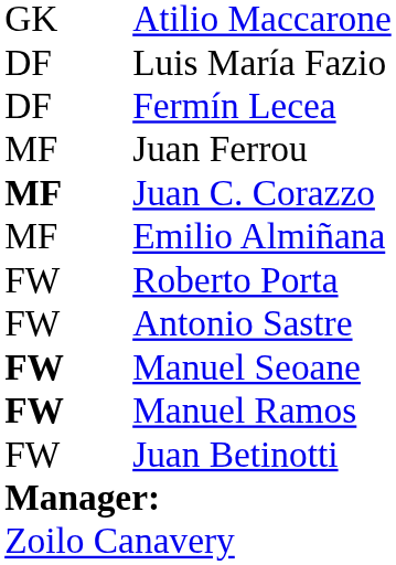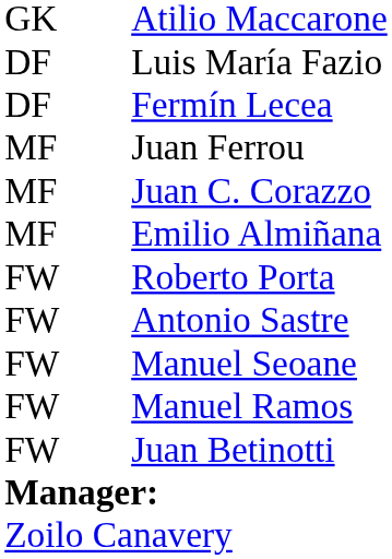 <table cellspacing="0" cellpadding="0" style="font-size:90%; margin:0.2em auto;">
 <tr>
 <th width="25"></th>
 <th width="25"></th>
 </tr>
 <tr>
 <td>GK</td>
 <td></td>
 <td> <a href='#'>Atilio Maccarone</a></td>
 </tr>
 <tr>
 <td>DF</td>
 <td></td>
 <td> Luis María Fazio</td>
 </tr>
 <tr>
 <td>DF</td>
 <td></td>
 <td> <a href='#'>Fermín Lecea</a></td>
 </tr>
 <tr>
 <td>MF</td>
 <td></td>
 <td> Juan Ferrou</td>
 </tr>
 <tr>
-<td><strong>MF</strong></td>
+<td>MF</td>
 <td></td>
 <td> <a href='#'>Juan C. Corazzo</a></td>
 </tr>
 <tr>
 <td>MF</td>
 <td></td>
 <td> <a href='#'>Emilio Almiñana</a></td>
 </tr>
 <tr>
 <td>FW</td>
 <td></td>
 <td> <a href='#'>Roberto Porta</a></td>
 </tr>
 <tr>
 <td>FW</td>
 <td></td>
 <td> <a href='#'>Antonio Sastre</a></td>
 </tr>
 <tr>
-<td><strong>FW</strong></td>
+<td>FW</td>
 <td></td>
 <td> <a href='#'>Manuel Seoane</a></td>
 </tr>
 <tr>
-<td><strong>FW</strong></td>
+<td>FW</td>
 <td></td>
 <td> <a href='#'>Manuel Ramos</a></td>
 </tr>
 <tr>
 <td>FW</td>
 <td></td>
 <td> <a href='#'>Juan Betinotti</a></td>
 </tr>
 <tr>
 <td colspan=3><strong>Manager:</strong></td>
 </tr>
 <tr>
 <td colspan=4> <a href='#'>Zoilo Canavery</a></td>
 </tr>
 </table>
